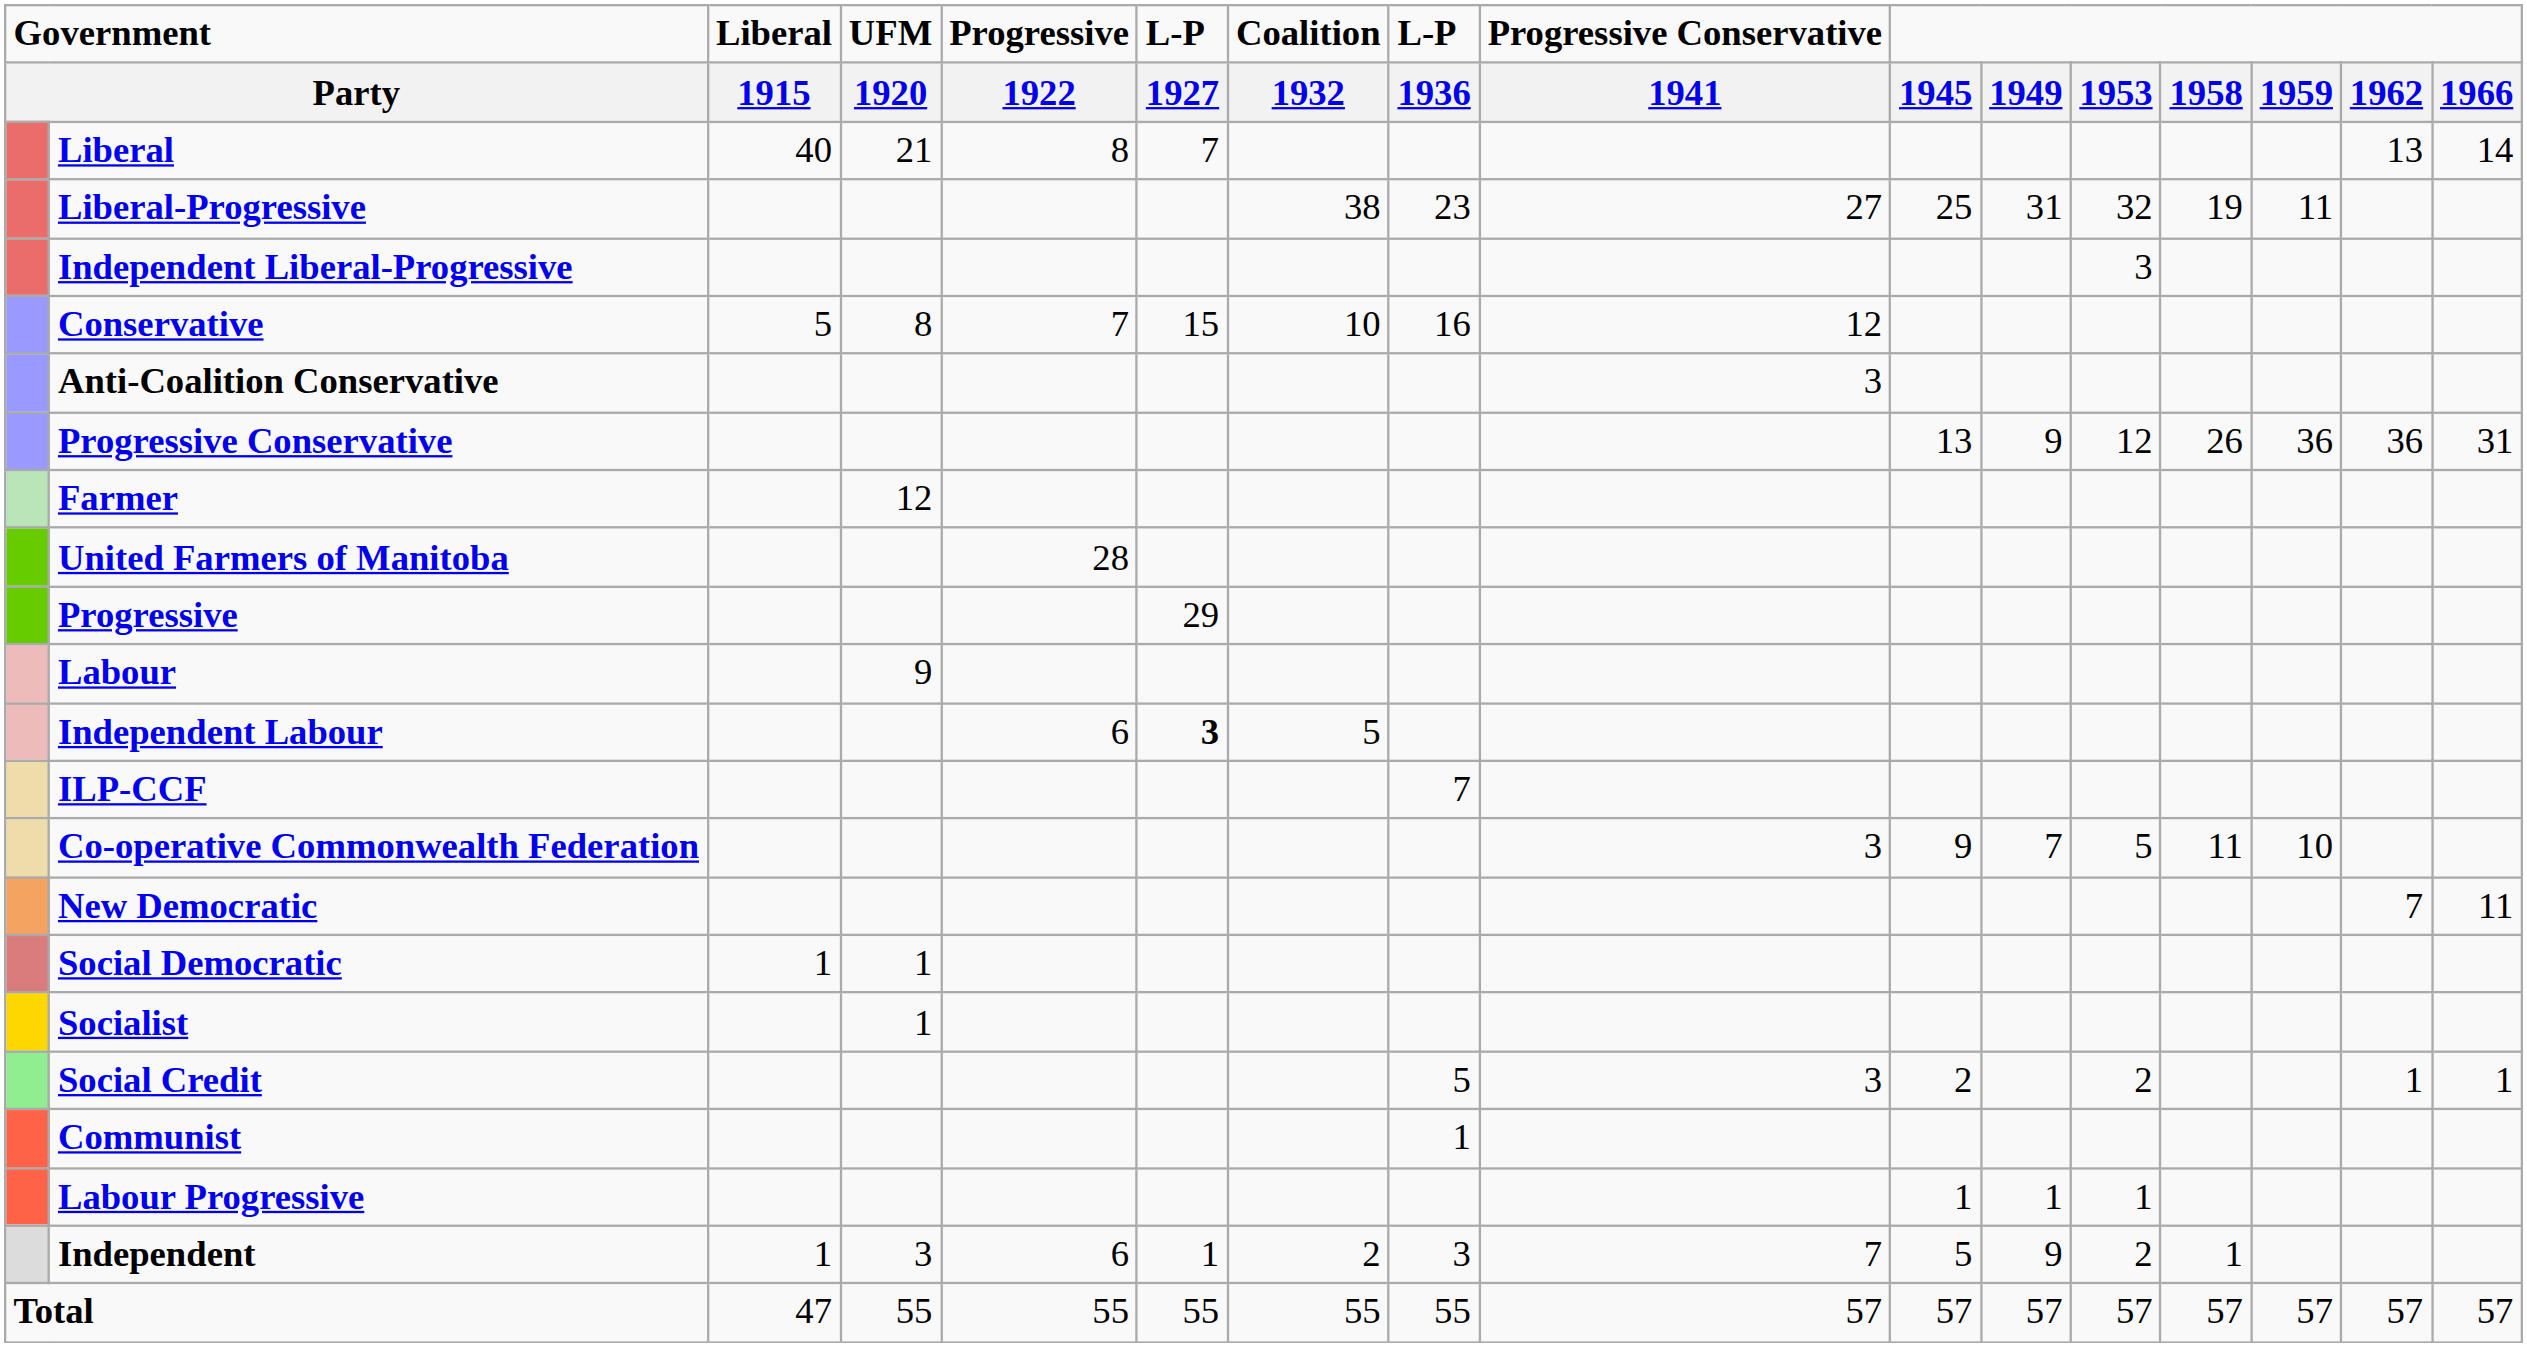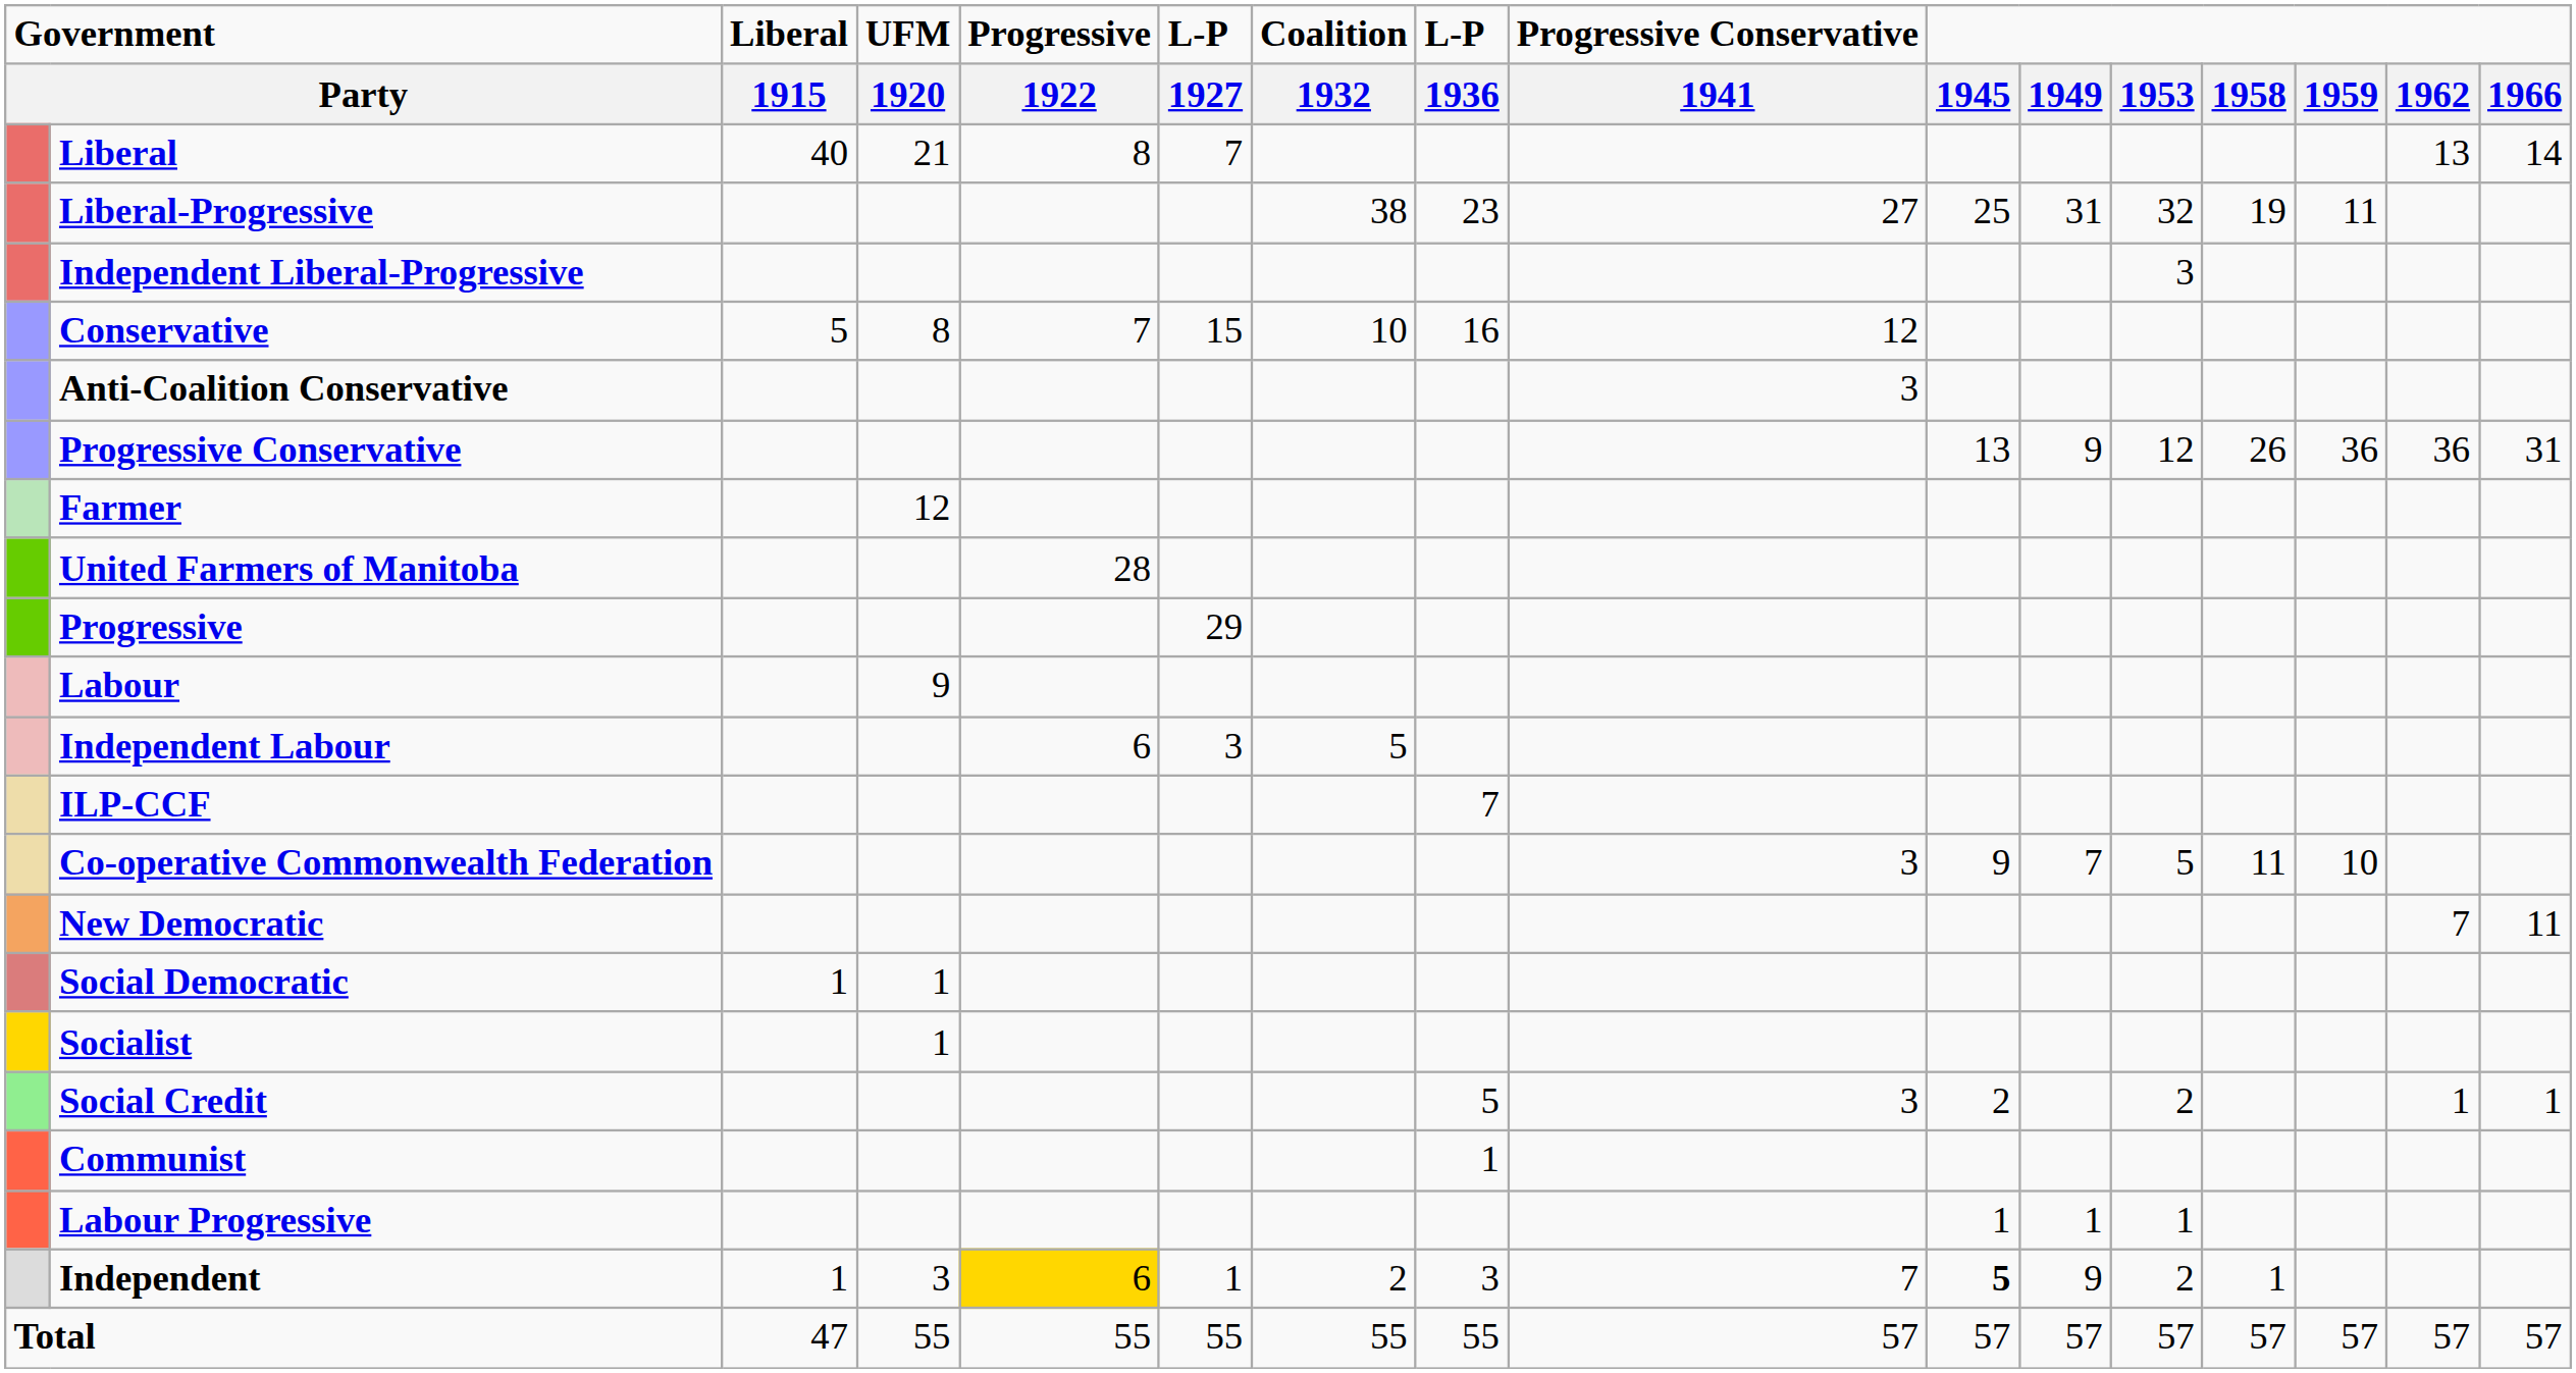 <table class="wikitable">
 <tr>
 <td colspan = "2"><strong>Government</strong></td>
 <td><strong>Liberal</strong></td>
 <td><strong>UFM</strong></td>
 <td><strong>Progressive</strong></td>
 <td><strong>L-P</strong></td>
 <td><strong>Coalition</strong></td>
 <td><strong>L-P</strong></td>
 <td><strong>Progressive Conservative</strong></td>
 </tr>
 <tr>
 <th colspan = "2">Party</th>
 <th><a href='#'>1915</a></th>
 <th><a href='#'>1920</a></th>
 <th><a href='#'>1922</a></th>
 <th><a href='#'>1927</a></th>
 <th><a href='#'>1932</a></th>
 <th><a href='#'>1936</a></th>
 <th><a href='#'>1941</a></th>
 <th><a href='#'>1945</a></th>
 <th><a href='#'>1949</a></th>
 <th><a href='#'>1953</a></th>
 <th><a href='#'>1958</a></th>
 <th><a href='#'>1959</a></th>
 <th><a href='#'>1962</a></th>
 <th><a href='#'>1966</a></th>
 </tr>
 <tr align = "right">
 <td bgcolor="#EA6D6A">   </td>
 <td align="left"><strong><a href='#'>Liberal</a></strong></td>
 <td>40</td>
 <td>21</td>
 <td>8</td>
 <td>7</td>
 <td></td>
 <td></td>
 <td></td>
 <td></td>
 <td></td>
 <td></td>
 <td></td>
 <td></td>
 <td>13</td>
 <td>14</td>
 </tr>
 <tr align = "right">
 <td bgcolor="#EA6D6A">   </td>
 <td align="left"><strong><a href='#'>Liberal-Progressive</a></strong></td>
 <td></td>
 <td></td>
 <td></td>
 <td></td>
 <td>38</td>
 <td>23</td>
 <td>27</td>
 <td>25</td>
 <td>31</td>
 <td>32</td>
 <td>19</td>
 <td>11</td>
 <td></td>
 <td></td>
 </tr>
 <tr align = "right">
 <td bgcolor="#EA6D6A">   </td>
 <td align="left"><strong><a href='#'>Independent Liberal-Progressive</a></strong></td>
 <td></td>
 <td></td>
 <td></td>
 <td></td>
 <td></td>
 <td></td>
 <td></td>
 <td></td>
 <td></td>
 <td>3</td>
 <td></td>
 <td></td>
 <td></td>
 <td></td>
 </tr>
 <tr align = "right">
 <td bgcolor="#9999FF">   </td>
 <td align="left"><strong><a href='#'>Conservative</a></strong></td>
 <td>5</td>
 <td>8</td>
 <td>7</td>
 <td>15</td>
 <td>10</td>
 <td>16</td>
 <td>12</td>
 <td></td>
 <td></td>
 <td></td>
 <td></td>
 <td></td>
 <td></td>
 <td></td>
 </tr>
 <tr align = "right">
 <td bgcolor="#9999FF">   </td>
 <td align="left"><strong>Anti-Coalition Conservative</strong></td>
 <td></td>
 <td></td>
 <td></td>
 <td></td>
 <td></td>
 <td></td>
 <td>3</td>
 <td></td>
 <td></td>
 <td></td>
 <td></td>
 <td></td>
 <td></td>
 <td></td>
 </tr>
 <tr align = "right">
 <td bgcolor="#9999FF">   </td>
 <td align="left"><strong><a href='#'>Progressive Conservative</a></strong></td>
 <td></td>
 <td></td>
 <td></td>
 <td></td>
 <td></td>
 <td></td>
 <td></td>
 <td>13</td>
 <td>9</td>
 <td>12</td>
 <td>26</td>
 <td>36</td>
 <td>36</td>
 <td>31</td>
 </tr>
 <tr align = "right">
 <td bgcolor="#B9E5B9">   </td>
 <td align="left"><strong><a href='#'>Farmer</a></strong></td>
 <td></td>
 <td>12</td>
 <td></td>
 <td></td>
 <td></td>
 <td></td>
 <td></td>
 <td></td>
 <td></td>
 <td></td>
 <td></td>
 <td></td>
 <td></td>
 <td></td>
 </tr>
 <tr align = "right">
 <td bgcolor="#66CC00">   </td>
 <td align="left"><strong><a href='#'>United Farmers of Manitoba</a></strong></td>
 <td></td>
 <td></td>
 <td>28</td>
 <td></td>
 <td></td>
 <td></td>
 <td></td>
 <td></td>
 <td></td>
 <td></td>
 <td></td>
 <td></td>
 <td></td>
 <td></td>
 </tr>
 <tr align = "right">
 <td bgcolor="#66CC00">   </td>
 <td align="left"><strong><a href='#'>Progressive</a></strong></td>
 <td></td>
 <td></td>
 <td></td>
 <td>29</td>
 <td></td>
 <td></td>
 <td></td>
 <td></td>
 <td></td>
 <td></td>
 <td></td>
 <td></td>
 <td></td>
 <td></td>
 </tr>
 <tr align = "right">
 <td bgcolor="#EEBBBB">   </td>
 <td align="left"><strong><a href='#'>Labour</a></strong></td>
 <td></td>
 <td>9</td>
 <td></td>
 <td></td>
 <td></td>
 <td></td>
 <td></td>
 <td></td>
 <td></td>
 <td></td>
 <td></td>
 <td></td>
 <td></td>
 <td></td>
 </tr>
 <tr align = "right">
 <td bgcolor="#EEBBBB">   </td>
 <td align="left"><strong><a href='#'>Independent Labour</a></strong></td>
 <td></td>
 <td></td>
 <td>6</td>
-<td><strong>3</strong></td>
+<td>3</td>
 <td>5</td>
 <td></td>
 <td></td>
 <td></td>
 <td></td>
 <td></td>
 <td></td>
 <td></td>
 <td></td>
 <td></td>
 </tr>
 <tr align = "right">
 <td bgcolor="#EEDDAA">   </td>
 <td align="left"><strong><a href='#'>ILP-CCF</a></strong></td>
 <td></td>
 <td></td>
 <td></td>
 <td></td>
 <td></td>
 <td>7</td>
 <td></td>
 <td></td>
 <td></td>
 <td></td>
 <td></td>
 <td></td>
 <td></td>
 <td></td>
 </tr>
 <tr align = "right">
 <td bgcolor="#EEDDAA">   </td>
 <td align="left"><strong><a href='#'>Co-operative Commonwealth Federation</a></strong></td>
 <td></td>
 <td></td>
 <td></td>
 <td></td>
 <td></td>
 <td></td>
 <td>3</td>
 <td>9</td>
 <td>7</td>
 <td>5</td>
 <td>11</td>
 <td>10</td>
 <td></td>
 <td></td>
 </tr>
 <tr align = "right">
 <td bgcolor="#F4A460">   </td>
 <td align="left"><strong><a href='#'>New Democratic</a></strong></td>
 <td></td>
 <td></td>
 <td></td>
 <td></td>
 <td></td>
 <td></td>
 <td></td>
 <td></td>
 <td></td>
 <td></td>
 <td></td>
 <td></td>
 <td>7</td>
 <td>11</td>
 </tr>
 <tr align = "right">
 <td bgcolor="#DA7C7C">   </td>
 <td align="left"><strong><a href='#'>Social Democratic</a></strong></td>
 <td>1</td>
 <td>1</td>
 <td></td>
 <td></td>
 <td></td>
 <td></td>
 <td></td>
 <td></td>
 <td></td>
 <td></td>
 <td></td>
 <td></td>
 <td></td>
 <td></td>
 </tr>
 <tr align = "right">
 <td bgcolor="#FFD700">   </td>
 <td align="left"><strong><a href='#'>Socialist</a></strong></td>
 <td></td>
 <td>1</td>
 <td></td>
 <td></td>
 <td></td>
 <td></td>
 <td></td>
 <td></td>
 <td></td>
 <td></td>
 <td></td>
 <td></td>
 <td></td>
 <td></td>
 </tr>
 <tr align = "right">
 <td bgcolor="#90EE90">   </td>
 <td align="left"><strong><a href='#'>Social Credit</a></strong></td>
 <td></td>
 <td></td>
 <td></td>
 <td></td>
 <td></td>
 <td>5</td>
 <td>3</td>
 <td>2</td>
 <td></td>
 <td>2</td>
 <td></td>
 <td></td>
 <td>1</td>
 <td>1</td>
 </tr>
 <tr align = "right">
 <td bgcolor="#FF6347">   </td>
 <td align="left"><strong><a href='#'>Communist</a></strong></td>
 <td></td>
 <td></td>
 <td></td>
 <td></td>
 <td></td>
 <td>1</td>
 <td></td>
 <td></td>
 <td></td>
 <td></td>
 <td></td>
 <td></td>
 <td></td>
 <td></td>
 </tr>
 <tr align = "right">
 <td bgcolor="#FF6347">   </td>
 <td align="left"><strong><a href='#'>Labour Progressive</a></strong></td>
 <td></td>
 <td></td>
 <td></td>
 <td></td>
 <td></td>
 <td></td>
 <td></td>
 <td>1</td>
 <td>1</td>
 <td>1</td>
 <td></td>
 <td></td>
 <td></td>
 <td></td>
 </tr>
 <tr align = "right">
 <td bgcolor="#DCDCDC">   </td>
 <td align="left"><strong>Independent</strong></td>
 <td>1</td>
 <td>3</td>
-<td>6</td>
+<td style="background: gold;">6</td>
 <td>1</td>
 <td>2</td>
 <td>3</td>
 <td>7</td>
-<td>5</td>
+<td><strong>5</strong></td>
 <td>9</td>
 <td>2</td>
 <td>1</td>
 <td></td>
 <td></td>
 <td></td>
 </tr>
 <tr align = "right">
 <td colspan = "2" align="left"><strong>Total</strong></td>
 <td>47</td>
 <td>55</td>
 <td>55</td>
 <td>55</td>
 <td>55</td>
 <td>55</td>
 <td>57</td>
 <td>57</td>
 <td>57</td>
 <td>57</td>
 <td>57</td>
 <td>57</td>
 <td>57</td>
 <td>57</td>
 </tr>
 </table>
